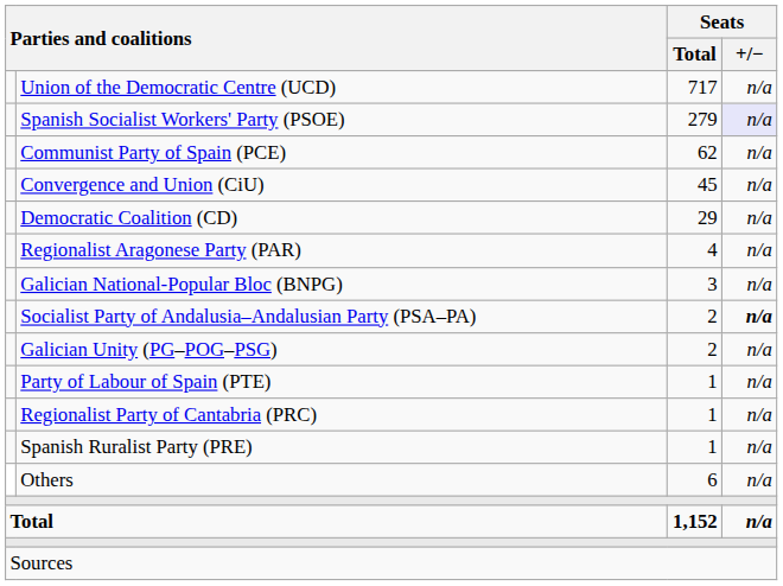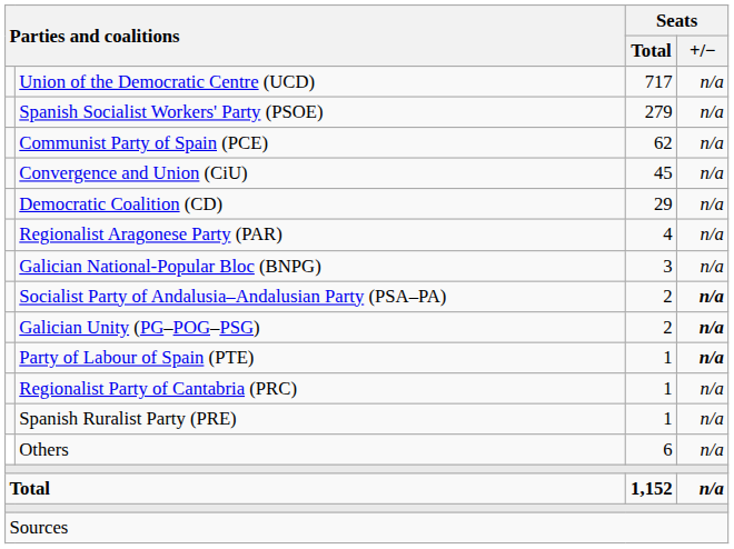 <table class="wikitable" style="text-align:right; font-size:95%;">
 <tr>
 <th style="text-align:left;" rowspan="2" colspan="2" width="500">Parties and coalitions</th>
 <th colspan="2">Seats</th>
 </tr>
 <tr>
 <th width="35">Total</th>
 <th width="35">+/−</th>
 </tr>
 <tr>
 <td width="1" style="color:inherit;background:"></td>
 <td align="left"><a href='#'>Union of the Democratic Centre</a> (UCD)</td>
 <td>717</td>
 <td><em>n/a</em></td>
 </tr>
 <tr>
 <td style="color:inherit;background:"></td>
 <td align="left"><a href='#'>Spanish Socialist Workers' Party</a> (PSOE)</td>
 <td>279</td>
-<td style="background: lavender;"><em>n/a</em></td>
+<td><em>n/a</em></td>
 </tr>
 <tr>
 <td style="color:inherit;background:"></td>
 <td align="left"><a href='#'>Communist Party of Spain</a> (PCE)</td>
 <td>62</td>
 <td><em>n/a</em></td>
 </tr>
 <tr>
 <td style="color:inherit;background:"></td>
 <td align="left"><a href='#'>Convergence and Union</a> (CiU)</td>
 <td>45</td>
 <td><em>n/a</em></td>
 </tr>
 <tr>
 <td style="color:inherit;background:"></td>
 <td align="left"><a href='#'>Democratic Coalition</a> (CD)</td>
 <td>29</td>
 <td><em>n/a</em></td>
 </tr>
 <tr>
 <td style="color:inherit;background:"></td>
 <td align="left"><a href='#'>Regionalist Aragonese Party</a> (PAR)</td>
 <td>4</td>
 <td><em>n/a</em></td>
 </tr>
 <tr>
 <td style="color:inherit;background:"></td>
 <td align="left"><a href='#'>Galician National-Popular Bloc</a> (BNPG)</td>
 <td>3</td>
 <td><em>n/a</em></td>
 </tr>
 <tr>
 <td style="color:inherit;background:"></td>
 <td align="left"><a href='#'>Socialist Party of Andalusia–Andalusian Party</a> (PSA–PA)</td>
 <td>2</td>
 <td><strong><em>n/a</em></strong></td>
 </tr>
 <tr>
 <td style="color:inherit;background:"></td>
 <td align="left"><a href='#'>Galician Unity</a> (<a href='#'>PG</a>–<a href='#'>POG</a>–<a href='#'>PSG</a>)</td>
 <td>2</td>
-<td><em>n/a</em></td>
+<td><strong><em>n/a</em></strong></td>
 </tr>
 <tr>
 <td style="color:inherit;background:"></td>
 <td align="left"><a href='#'>Party of Labour of Spain</a> (PTE)</td>
 <td>1</td>
-<td><em>n/a</em></td>
+<td><strong><em>n/a</em></strong></td>
 </tr>
 <tr>
 <td style="color:inherit;background:"></td>
 <td align="left"><a href='#'>Regionalist Party of Cantabria</a> (PRC)</td>
 <td>1</td>
 <td><em>n/a</em></td>
 </tr>
 <tr>
 <td style="color:inherit;background:"></td>
 <td align="left">Spanish Ruralist Party (PRE)</td>
 <td>1</td>
 <td><em>n/a</em></td>
 </tr>
 <tr>
 <td bgcolor="white"></td>
 <td align="left">Others</td>
 <td>6</td>
 <td><em>n/a</em></td>
 </tr>
 <tr>
 <td colspan="4" bgcolor="#E9E9E9"></td>
 </tr>
 <tr style="font-weight:bold;">
 <td align="left" colspan="2">Total</td>
 <td>1,152</td>
 <td><em>n/a</em></td>
 </tr>
 <tr>
 <td colspan="4" bgcolor="#E9E9E9"></td>
 </tr>
 <tr>
 <td align="left" colspan="4">Sources</td>
 </tr>
 </table>
